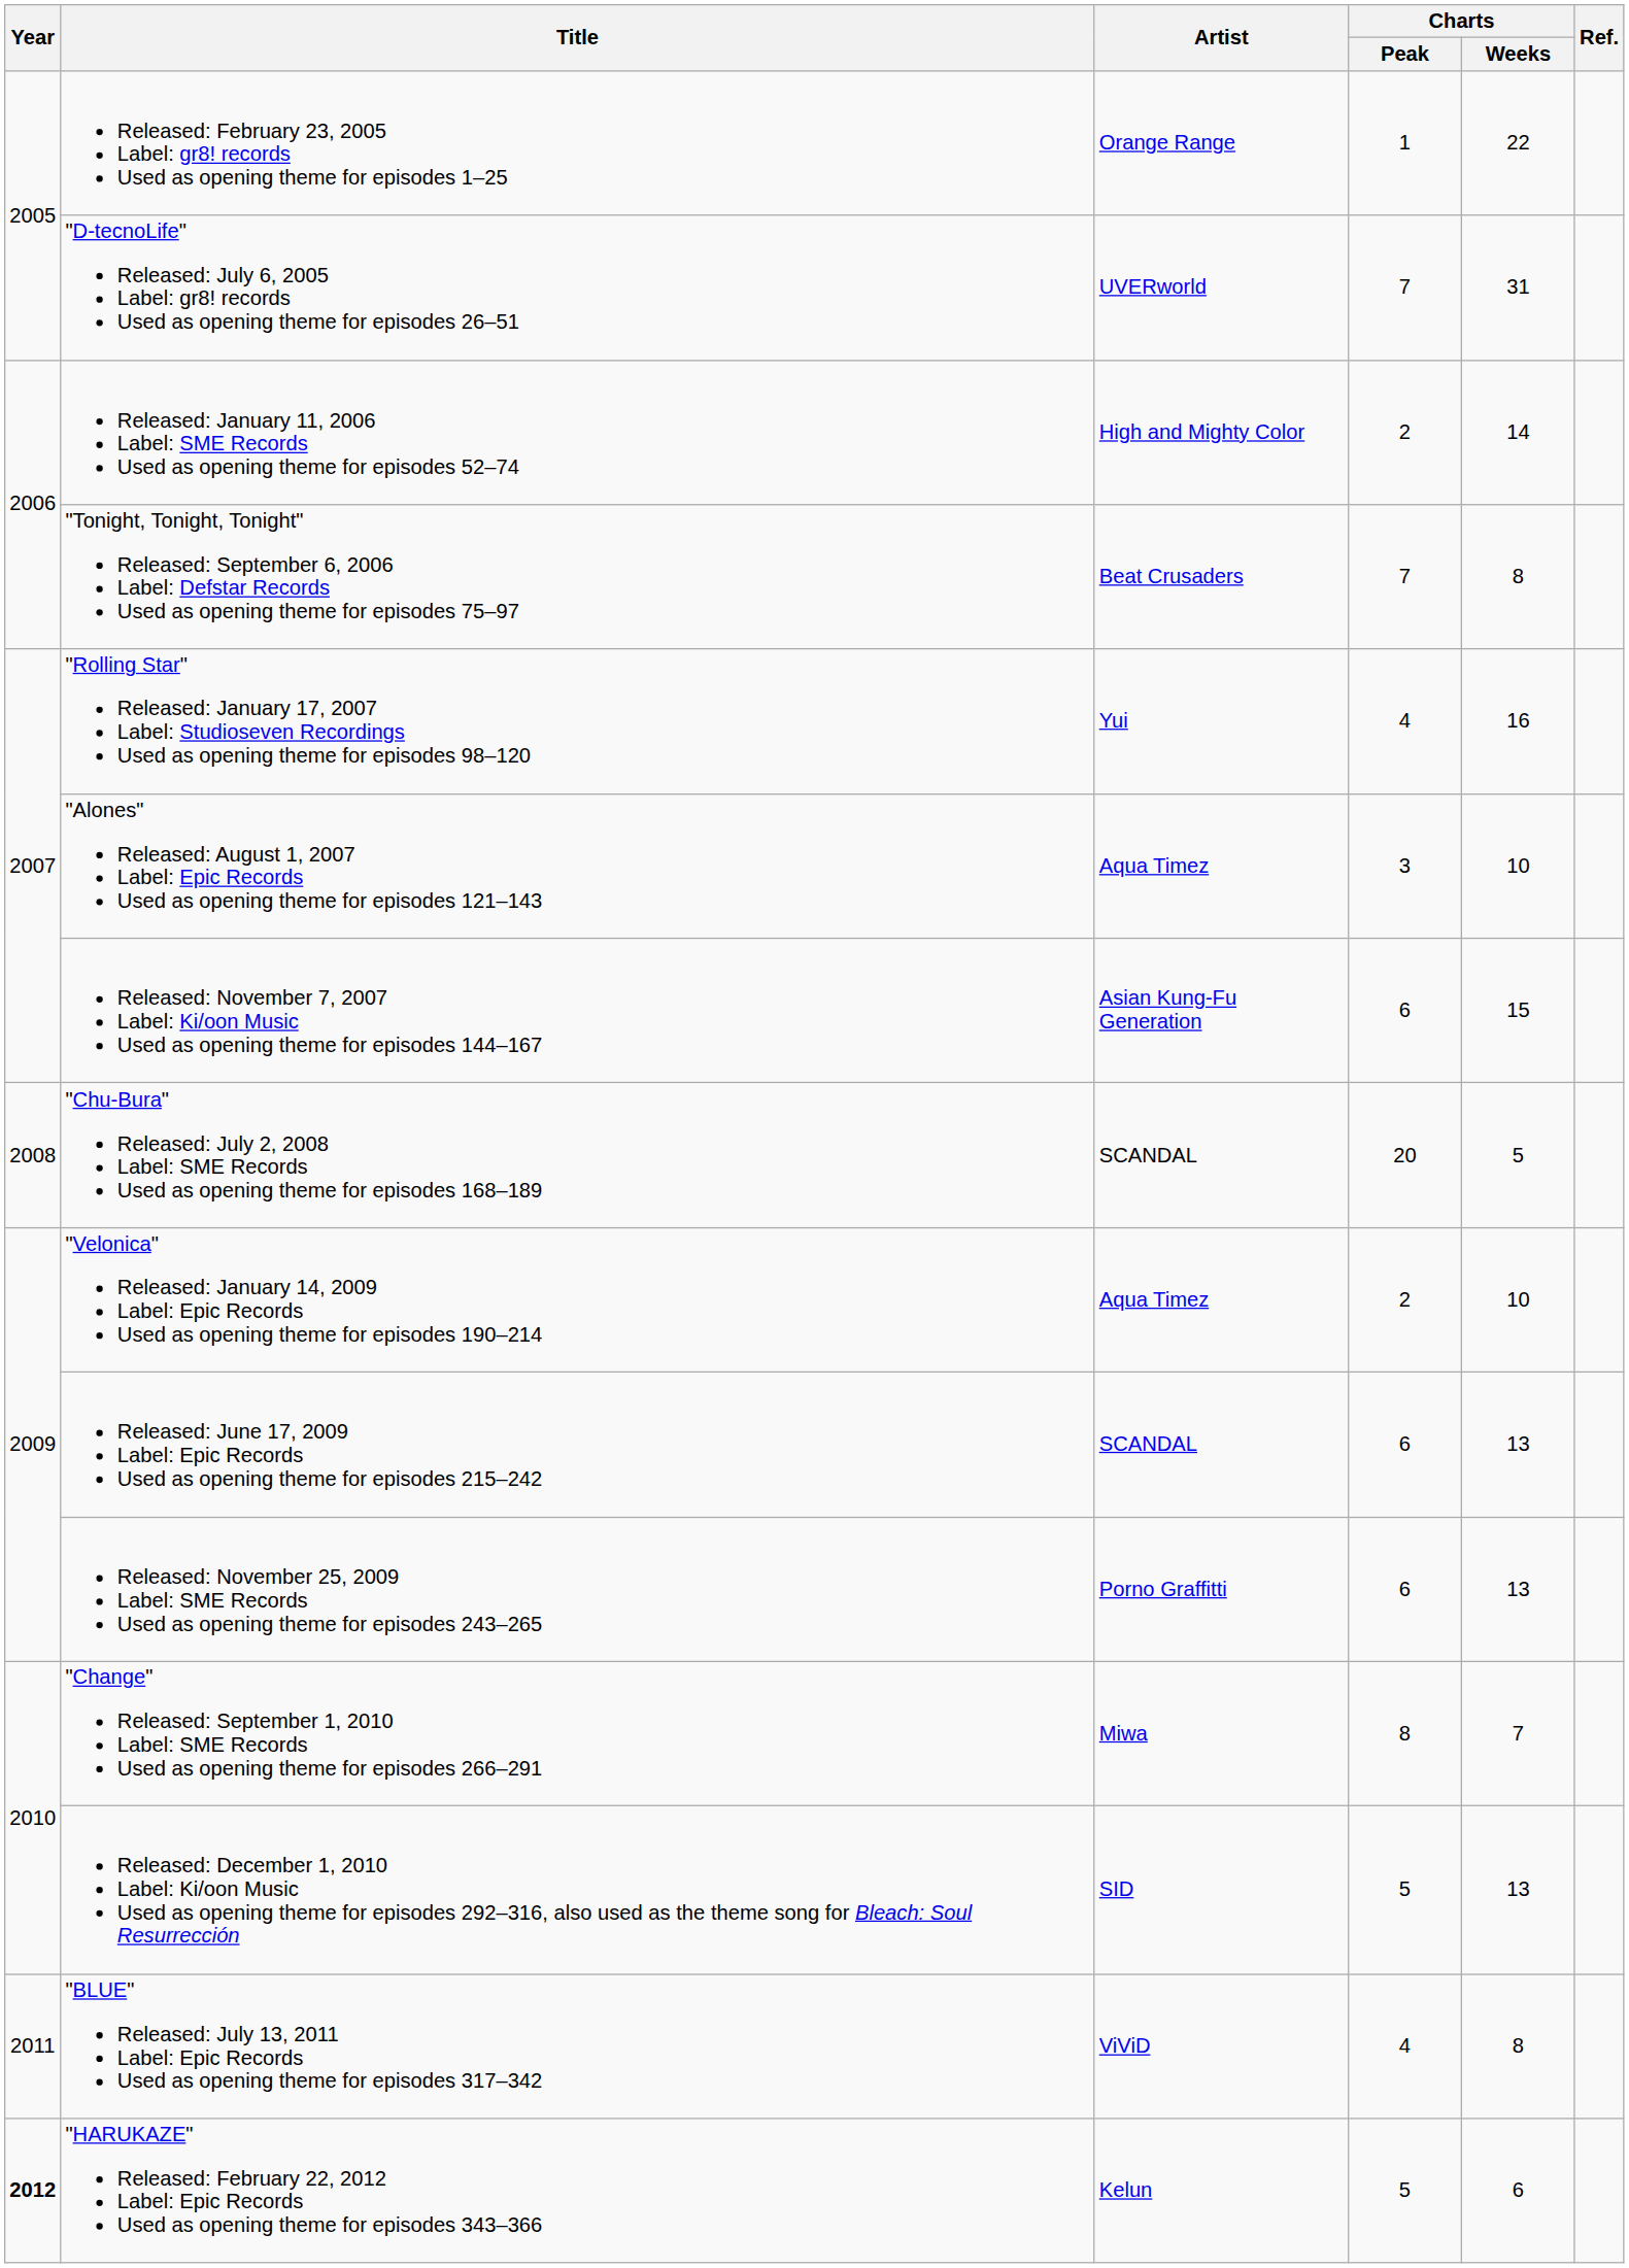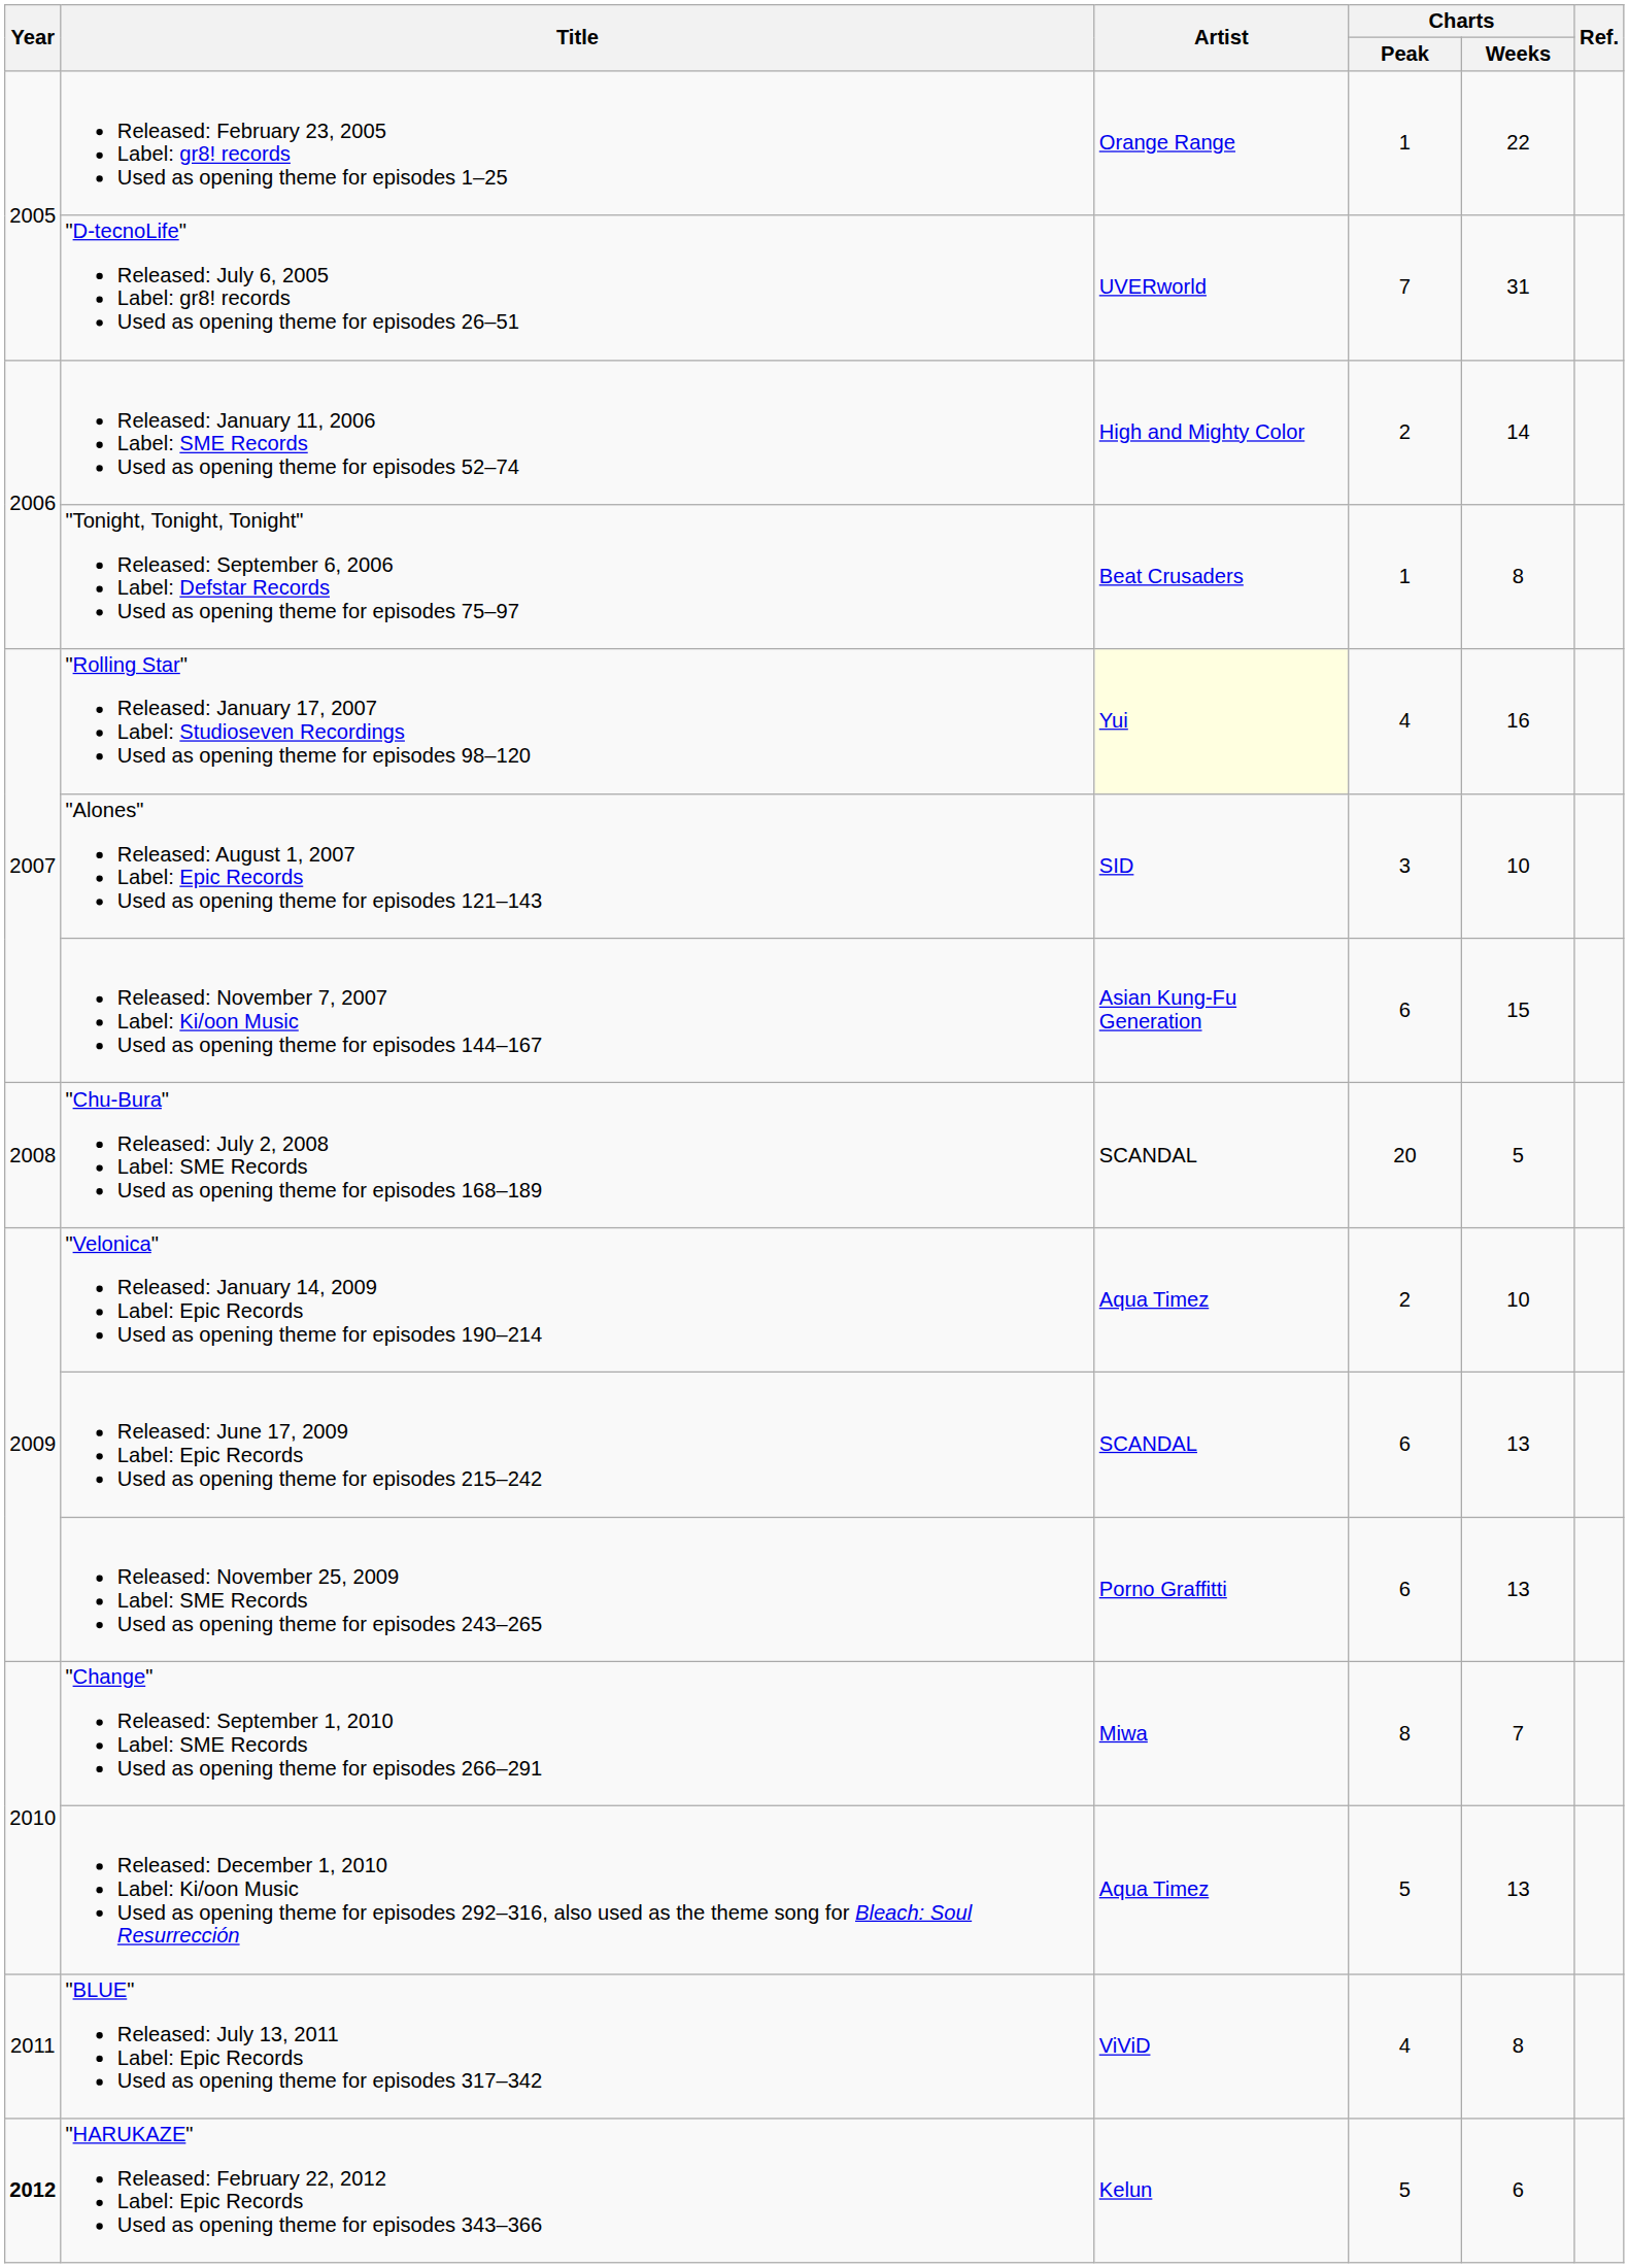 <table class="wikitable">
 <tr>
 <th rowspan="2">Year</th>
 <th rowspan="2">Title</th>
 <th rowspan="2">Artist</th>
 <th colspan="2">Charts</th>
 <th rowspan="2">Ref.</th>
 </tr>
 <tr>
 <th style="width:7%;">Peak</th>
 <th style="width:7%;">Weeks</th>
 </tr>
 <tr>
 <td style="text-align:center;" rowspan="2">2005</td>
 <td align="left"><br><ul><li>Released: February 23, 2005</li><li>Label: <a href='#'>gr8! records</a></li><li>Used as opening theme for episodes 1–25</li></ul></td>
 <td align="left"><a href='#'>Orange Range</a></td>
 <td style="text-align:center;">1</td>
 <td style="text-align:center;">22</td>
 <td style="text-align:center;"></td>
 </tr>
 <tr>
 <td align="left">"<a href='#'>D-tecnoLife</a>"<br><ul><li>Released: July 6, 2005</li><li>Label: gr8! records</li><li>Used as opening theme for episodes 26–51</li></ul></td>
 <td align="left"><a href='#'>UVERworld</a></td>
 <td style="text-align:center;">7</td>
 <td style="text-align:center;">31</td>
 <td style="text-align:center;"></td>
 </tr>
 <tr>
 <td style="text-align:center;" rowspan="2">2006</td>
 <td align="left"><br><ul><li>Released: January 11, 2006</li><li>Label: <a href='#'>SME Records</a></li><li>Used as opening theme for episodes 52–74</li></ul></td>
 <td align="left"><a href='#'>High and Mighty Color</a></td>
 <td style="text-align:center;">2</td>
 <td style="text-align:center;">14</td>
 <td style="text-align:center;"></td>
 </tr>
 <tr>
 <td align="left">"Tonight, Tonight, Tonight"<br><ul><li>Released: September 6, 2006</li><li>Label: <a href='#'>Defstar Records</a></li><li>Used as opening theme for episodes 75–97</li></ul></td>
 <td align="left"><a href='#'>Beat Crusaders</a></td>
-<td style="text-align:center;">7</td>
+<td style="text-align:center;">1</td>
 <td style="text-align:center;">8</td>
 <td style="text-align:center;"></td>
 </tr>
 <tr>
 <td style="text-align:center;" rowspan="3">2007</td>
 <td align="left">"<a href='#'>Rolling Star</a>"<br><ul><li>Released: January 17, 2007</li><li>Label: <a href='#'>Studioseven Recordings</a></li><li>Used as opening theme for episodes 98–120</li></ul></td>
-<td align="left"><a href='#'>Yui</a></td>
+<td align="left" style="background: lightyellow;"><a href='#'>Yui</a></td>
 <td style="text-align:center;">4</td>
 <td style="text-align:center;">16</td>
 <td style="text-align:center;"></td>
 </tr>
 <tr>
 <td align="left">"Alones"<br><ul><li>Released: August 1, 2007</li><li>Label: <a href='#'>Epic Records</a></li><li>Used as opening theme for episodes 121–143</li></ul></td>
-<td align="left"><a href='#'>Aqua Timez</a></td>
+<td align="left"><a href='#'>SID</a></td>
 <td style="text-align:center;">3</td>
 <td style="text-align:center;">10</td>
 <td style="text-align:center;"></td>
 </tr>
 <tr>
 <td align="left"><br><ul><li>Released: November 7, 2007</li><li>Label: <a href='#'>Ki/oon Music</a></li><li>Used as opening theme for episodes 144–167</li></ul></td>
 <td align="left"><a href='#'>Asian Kung-Fu Generation</a></td>
 <td style="text-align:center;">6</td>
 <td style="text-align:center;">15</td>
 <td style="text-align:center;"></td>
 </tr>
 <tr>
 <td style="text-align:center;">2008</td>
 <td align="left">"<a href='#'>Chu-Bura</a>"<br><ul><li>Released: July 2, 2008</li><li>Label: SME Records</li><li>Used as opening theme for episodes 168–189</li></ul></td>
 <td align="left">SCANDAL</td>
 <td style="text-align:center;">20</td>
 <td style="text-align:center;">5</td>
 <td style="text-align:center;"></td>
 </tr>
 <tr>
 <td style="text-align:center;" rowspan="3">2009</td>
 <td align="left">"<a href='#'>Velonica</a>"<br><ul><li>Released: January 14, 2009</li><li>Label: Epic Records</li><li>Used as opening theme for episodes 190–214</li></ul></td>
 <td align="left"><a href='#'>Aqua Timez</a></td>
 <td style="text-align:center;">2</td>
 <td style="text-align:center;">10</td>
 <td style="text-align:center;"></td>
 </tr>
 <tr>
 <td align="left"><br><ul><li>Released: June 17, 2009</li><li>Label: Epic Records</li><li>Used as opening theme for episodes 215–242</li></ul></td>
 <td align="left"><a href='#'>SCANDAL</a></td>
 <td style="text-align:center;">6</td>
 <td style="text-align:center;">13</td>
 <td style="text-align:center;"></td>
 </tr>
 <tr>
 <td align="left"><br><ul><li>Released: November 25, 2009</li><li>Label: SME Records</li><li>Used as opening theme for episodes 243–265</li></ul></td>
 <td align="left"><a href='#'>Porno Graffitti</a></td>
 <td style="text-align:center;">6</td>
 <td style="text-align:center;">13</td>
 <td style="text-align:center;"></td>
 </tr>
 <tr>
 <td style="text-align:center;" rowspan="2">2010</td>
 <td align="left">"<a href='#'>Change</a>"<br><ul><li>Released: September 1, 2010</li><li>Label: SME Records</li><li>Used as opening theme for episodes 266–291</li></ul></td>
 <td align="left"><a href='#'>Miwa</a></td>
 <td style="text-align:center;">8</td>
 <td style="text-align:center;">7</td>
 <td style="text-align:center;"></td>
 </tr>
 <tr>
 <td align="left"><br><ul><li>Released: December 1, 2010</li><li>Label: Ki/oon Music</li><li>Used as opening theme for episodes 292–316, also used as the theme song for <em><a href='#'>Bleach: Soul Resurrección</a></em></li></ul></td>
-<td align="left"><a href='#'>SID</a></td>
+<td align="left"><a href='#'>Aqua Timez</a></td>
 <td style="text-align:center;">5</td>
 <td style="text-align:center;">13</td>
 <td style="text-align:center;"></td>
 </tr>
 <tr>
 <td style="text-align:center;">2011</td>
 <td align="left">"<a href='#'>BLUE</a>"<br><ul><li>Released: July 13, 2011</li><li>Label: Epic Records</li><li>Used as opening theme for episodes 317–342</li></ul></td>
 <td align="left"><a href='#'>ViViD</a></td>
 <td style="text-align:center;">4</td>
 <td style="text-align:center;">8</td>
 <td style="text-align:center;"></td>
 </tr>
 <tr>
 <td style="text-align:center;"><strong>2012</strong></td>
 <td align="left">"<a href='#'>HARUKAZE</a>"<br><ul><li>Released: February 22, 2012</li><li>Label: Epic Records</li><li>Used as opening theme for episodes 343–366</li></ul></td>
 <td align="left"><a href='#'>Kelun</a></td>
 <td style="text-align:center;">5</td>
 <td style="text-align:center;">6</td>
 <td style="text-align:center;"></td>
 </tr>
 </table>
